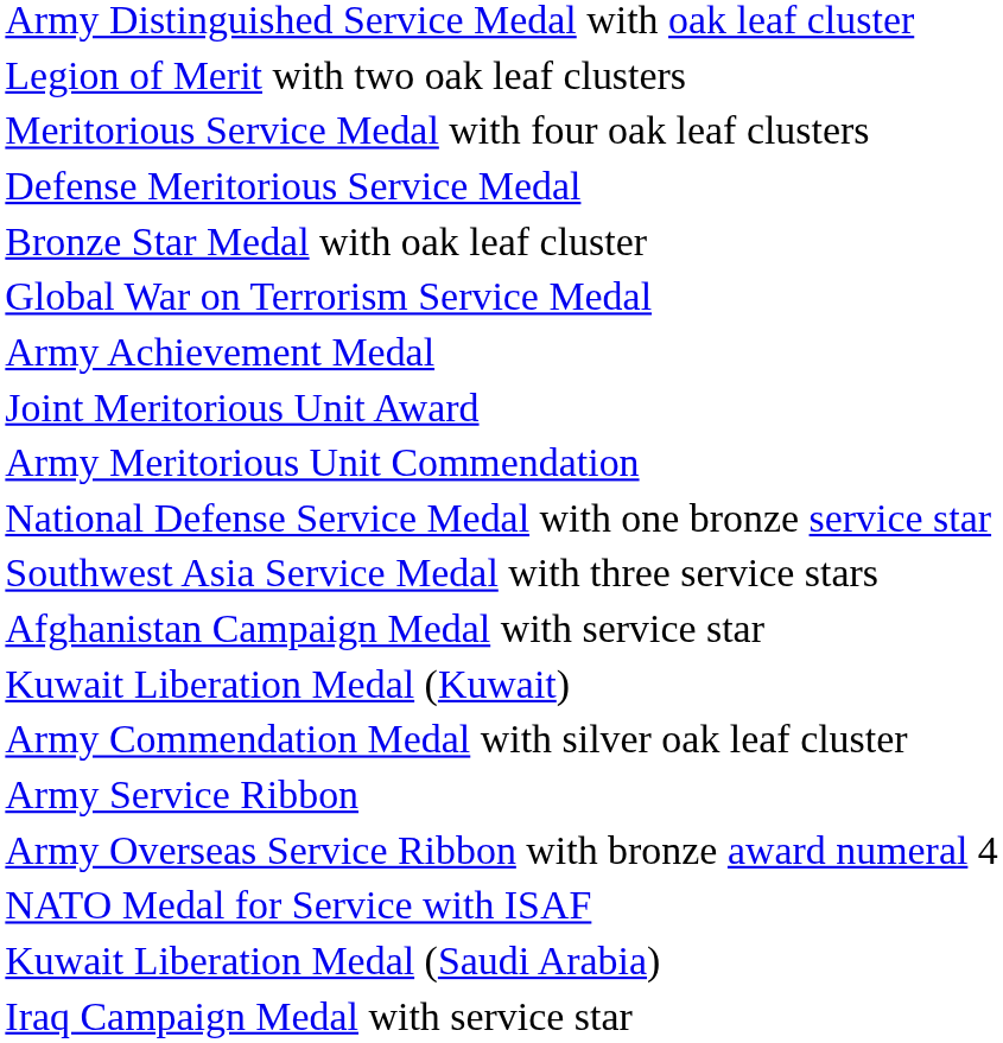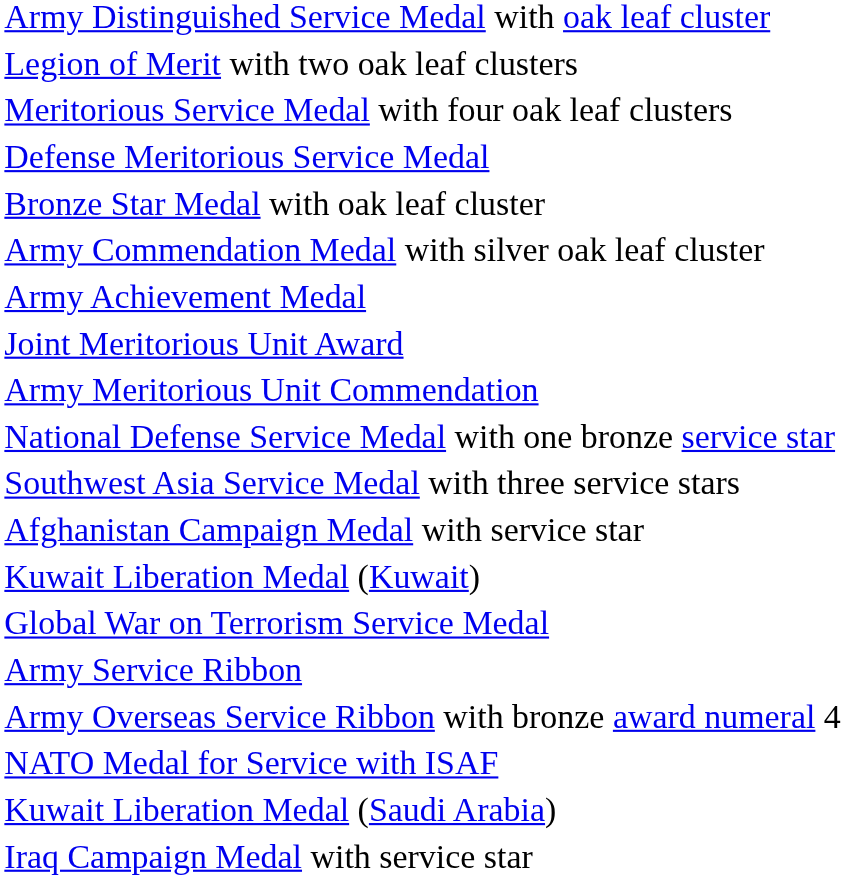 <table>
 <tr>
 <td> <a href='#'>Army Distinguished Service Medal</a> with <a href='#'>oak leaf cluster</a></td>
 </tr>
 <tr>
 <td><span></span><span></span> <a href='#'>Legion of Merit</a> with two oak leaf clusters</td>
 </tr>
 <tr>
 <td><span></span><span></span><span></span><span></span> <a href='#'>Meritorious Service Medal</a> with four oak leaf clusters</td>
 </tr>
 <tr>
 <td> <a href='#'>Defense Meritorious Service Medal</a></td>
 </tr>
 <tr>
 <td> <a href='#'>Bronze Star Medal</a> with oak leaf cluster</td>
 </tr>
 <tr>
-<td> <a href='#'>Global War on Terrorism Service Medal</a></td>
+<td> <a href='#'>Army Commendation Medal</a> with silver oak leaf cluster</td>
 </tr>
 <tr>
 <td> <a href='#'>Army Achievement Medal</a></td>
 </tr>
 <tr>
 <td> <a href='#'>Joint Meritorious Unit Award</a></td>
 </tr>
 <tr>
 <td> <a href='#'>Army Meritorious Unit Commendation</a></td>
 </tr>
 <tr>
 <td> <a href='#'>National Defense Service Medal</a> with one bronze <a href='#'>service star</a></td>
 </tr>
 <tr>
 <td><span></span><span></span><span></span> <a href='#'>Southwest Asia Service Medal</a> with three service stars</td>
 </tr>
 <tr>
 <td> <a href='#'>Afghanistan Campaign Medal</a> with service star</td>
 </tr>
 <tr>
 <td> <a href='#'>Kuwait Liberation Medal</a> (<a href='#'>Kuwait</a>)</td>
 </tr>
 <tr>
-<td> <a href='#'>Army Commendation Medal</a> with silver oak leaf cluster</td>
+<td> <a href='#'>Global War on Terrorism Service Medal</a></td>
 </tr>
 <tr>
 <td> <a href='#'>Army Service Ribbon</a></td>
 </tr>
 <tr>
 <td><span></span> <a href='#'>Army Overseas Service Ribbon</a> with bronze <a href='#'>award numeral</a> 4</td>
 </tr>
 <tr>
 <td> <a href='#'>NATO Medal for Service with ISAF</a></td>
 </tr>
 <tr>
 <td> <a href='#'>Kuwait Liberation Medal</a> (<a href='#'>Saudi Arabia</a>)</td>
 </tr>
 <tr>
 <td> <a href='#'>Iraq Campaign Medal</a> with service star</td>
 </tr>
 </table>
